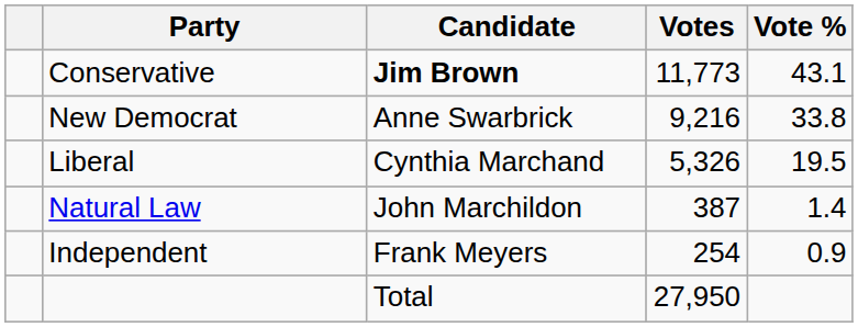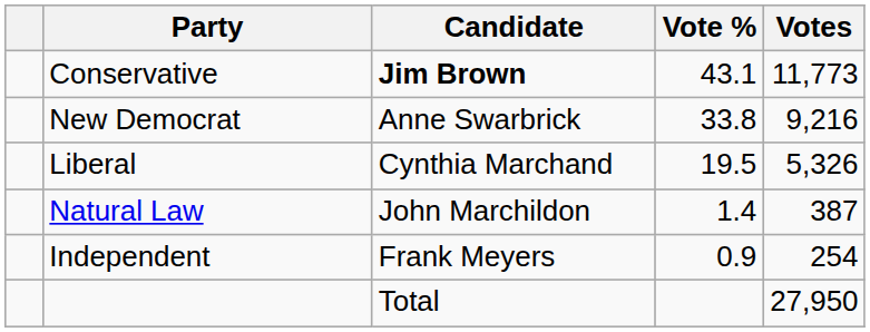 <table class="wikitable">
 <tr>
 <th></th>
 <th scope="col" width="175">Party</th>
 <th scope="col" width="150">Candidate</th>
+<th>Vote %</th>
 <th>Votes</th>
-<th>Vote %</th>
 </tr>
 <tr>
 <td>   </td>
 <td>Conservative</td>
 <td><strong>Jim Brown</strong></td>
+<td align=right>43.1</td>
 <td align=right>11,773</td>
-<td align=right>43.1</td>
 </tr>
 <tr>
 <td>   </td>
 <td>New Democrat</td>
 <td>Anne Swarbrick</td>
+<td align=right>33.8</td>
 <td align=right>9,216</td>
-<td align=right>33.8</td>
 </tr>
 <tr |>
 <td>   </td>
 <td>Liberal</td>
 <td>Cynthia Marchand</td>
+<td align=right>19.5</td>
 <td align=right>5,326</td>
-<td align=right>19.5</td>
 </tr>
 <tr>
 <td>   </td>
 <td><a href='#'>Natural Law</a></td>
 <td>John Marchildon</td>
+<td align=right>1.4</td>
 <td align=right>387</td>
-<td align=right>1.4</td>
 </tr>
 <tr |>
 <td>   </td>
 <td>Independent</td>
 <td>Frank Meyers</td>
+<td align=right>0.9<br> </td>
 <td align=right>254</td>
-<td align=right>0.9<br> </td>
 </tr>
 <tr>
 <td></td>
 <td></td>
 <td>Total</td>
+<td></td>
 <td align=right>27,950</td>
-<td></td>
 </tr>
 </table>
